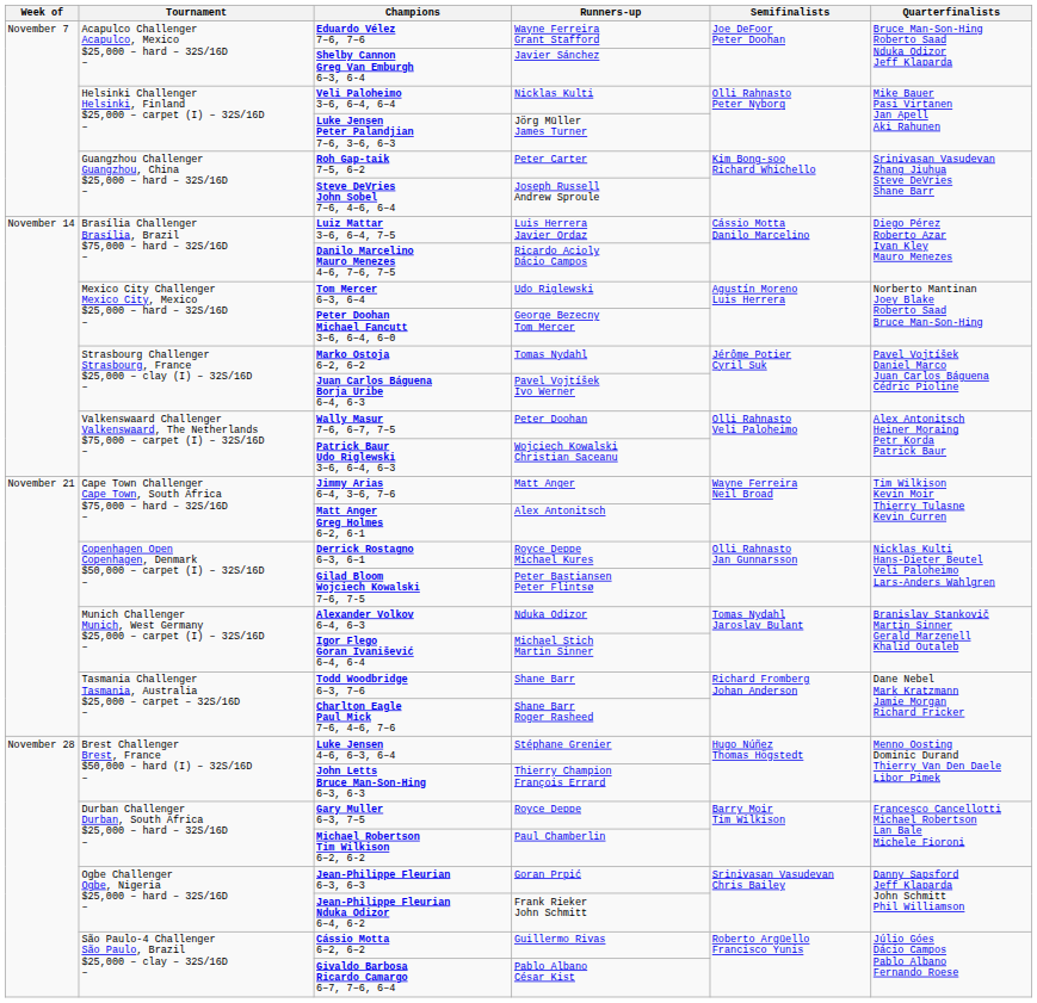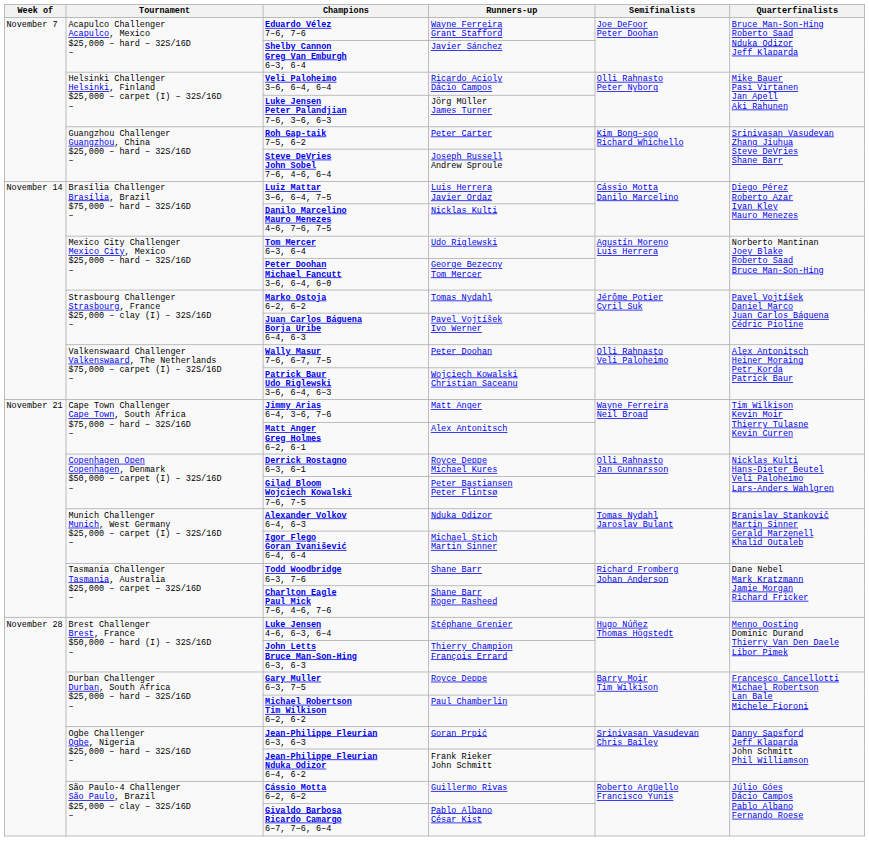 <table class="wikitable" style="font-size:85%;">
 <tr>
 <th width="75">Week of</th>
 <th width="250">Tournament</th>
 <th width="210">Champions</th>
 <th width="210">Runners-up</th>
 <th width="170">Semifinalists</th>
 <th width="170">Quarterfinalists</th>
 </tr>
 <tr valign="top">
 <td rowspan="6">November 7</td>
 <td rowspan="2">Acapulco Challenger<br> <a href='#'>Acapulco</a>, Mexico<br>$25,000 – hard – 32S/16D<br>  – </td>
 <td> <strong><a href='#'>Eduardo Vélez</a></strong> <br>7–6, 7–6</td>
 <td> <a href='#'>Wayne Ferreira</a> <br>  <a href='#'>Grant Stafford</a></td>
 <td rowspan="2"> <a href='#'>Joe DeFoor</a> <br>  <a href='#'>Peter Doohan</a></td>
 <td rowspan="2"> <a href='#'>Bruce Man-Son-Hing</a> <br> <a href='#'>Roberto Saad</a> <br> <a href='#'>Nduka Odizor</a> <br>  <a href='#'>Jeff Klaparda</a></td>
 </tr>
 <tr valign="top">
 <td> <strong><a href='#'>Shelby Cannon</a></strong> <br> <strong><a href='#'>Greg Van Emburgh</a></strong><br> 6–3, 6-4</td>
 <td> <a href='#'>Javier Sánchez</a></td>
 </tr>
 <tr valign="top">
 <td rowspan="2">Helsinki Challenger<br> <a href='#'>Helsinki</a>, Finland<br>$25,000 – carpet (I) – 32S/16D<br>  – </td>
 <td> <strong><a href='#'>Veli Paloheimo</a></strong> <br>3–6, 6–4, 6–4</td>
-<td> <a href='#'>Nicklas Kulti</a></td>
+<td> <a href='#'>Ricardo Acioly</a> <br>  <a href='#'>Dácio Campos</a></td>
 <td rowspan="2"> <a href='#'>Olli Rahnasto</a> <br>  <a href='#'>Peter Nyborg</a></td>
 <td rowspan="2"> <a href='#'>Mike Bauer</a> <br>  <a href='#'>Pasi Virtanen</a> <br> <a href='#'>Jan Apell</a> <br>  <a href='#'>Aki Rahunen</a></td>
 </tr>
 <tr valign="top">
 <td> <strong><a href='#'>Luke Jensen</a></strong> <br> <strong><a href='#'>Peter Palandjian</a></strong><br> 7–6, 3–6, 6–3</td>
 <td> Jörg Müller <br>  <a href='#'>James Turner</a></td>
 </tr>
 <tr valign="top">
 <td rowspan="2">Guangzhou Challenger<br> <a href='#'>Guangzhou</a>, China<br>$25,000 – hard – 32S/16D<br>  – </td>
 <td> <strong><a href='#'>Roh Gap-taik</a></strong> <br>7–5, 6–2</td>
 <td> <a href='#'>Peter Carter</a></td>
 <td rowspan="2"> <a href='#'>Kim Bong-soo</a> <br>  <a href='#'>Richard Whichello</a></td>
 <td rowspan="2"> <a href='#'>Srinivasan Vasudevan</a> <br>  <a href='#'>Zhang Jiuhua</a> <br> <a href='#'>Steve DeVries</a> <br>  <a href='#'>Shane Barr</a></td>
 </tr>
 <tr valign="top">
 <td> <strong><a href='#'>Steve DeVries</a></strong> <br> <strong><a href='#'>John Sobel</a></strong><br> 7–6, 4–6, 6–4</td>
 <td> <a href='#'>Joseph Russell</a> <br>  Andrew Sproule</td>
 </tr>
 <tr valign="top">
 <td rowspan="8">November 14</td>
 <td rowspan="2">Brasília Challenger<br> <a href='#'>Brasília</a>, Brazil<br>$75,000 – hard – 32S/16D<br>  – </td>
 <td> <strong><a href='#'>Luiz Mattar</a></strong> <br>3–6, 6–4, 7–5</td>
 <td> <a href='#'>Luis Herrera</a> <br> <a href='#'>Javier Ordaz</a></td>
 <td rowspan="2"> <a href='#'>Cássio Motta</a> <br>  <a href='#'>Danilo Marcelino</a></td>
 <td rowspan="2"> <a href='#'>Diego Pérez</a> <br> <a href='#'>Roberto Azar</a> <br> <a href='#'>Ivan Kley</a> <br>  <a href='#'>Mauro Menezes</a></td>
 </tr>
 <tr valign="top">
 <td> <strong><a href='#'>Danilo Marcelino</a></strong> <br> <strong><a href='#'>Mauro Menezes</a></strong><br> 4–6, 7–6, 7–5</td>
-<td> <a href='#'>Ricardo Acioly</a> <br>  <a href='#'>Dácio Campos</a></td>
+<td> <a href='#'>Nicklas Kulti</a></td>
 </tr>
 <tr valign="top">
 <td rowspan="2">Mexico City Challenger<br> <a href='#'>Mexico City</a>, Mexico<br>$25,000 – hard – 32S/16D<br>  – </td>
 <td> <strong><a href='#'>Tom Mercer</a></strong> <br>6–3, 6–4</td>
 <td> <a href='#'>Udo Riglewski</a></td>
 <td rowspan="2"> <a href='#'>Agustín Moreno</a> <br>  <a href='#'>Luis Herrera</a></td>
 <td rowspan="2"> Norberto Mantinan <br> <a href='#'>Joey Blake</a> <br> <a href='#'>Roberto Saad</a> <br>  <a href='#'>Bruce Man-Son-Hing</a></td>
 </tr>
 <tr valign="top">
 <td> <strong><a href='#'>Peter Doohan</a></strong> <br> <strong><a href='#'>Michael Fancutt</a></strong><br> 3–6, 6–4, 6–0</td>
 <td> <a href='#'>George Bezecny</a> <br>  <a href='#'>Tom Mercer</a></td>
 </tr>
 <tr valign="top">
 <td rowspan="2">Strasbourg Challenger<br> <a href='#'>Strasbourg</a>, France<br>$25,000 – clay (I) – 32S/16D<br>  – </td>
 <td> <strong><a href='#'>Marko Ostoja</a></strong> <br>6–2, 6–2</td>
 <td> <a href='#'>Tomas Nydahl</a></td>
 <td rowspan="2"> <a href='#'>Jérôme Potier</a> <br>  <a href='#'>Cyril Suk</a></td>
 <td rowspan="2"> <a href='#'>Pavel Vojtíšek</a> <br> <a href='#'>Daniel Marco</a> <br> <a href='#'>Juan Carlos Báguena</a> <br>  <a href='#'>Cédric Pioline</a></td>
 </tr>
 <tr valign="top">
 <td> <strong><a href='#'>Juan Carlos Báguena</a></strong> <br> <strong><a href='#'>Borja Uribe</a></strong><br> 6–4, 6-3</td>
 <td> <a href='#'>Pavel Vojtíšek</a> <br>  <a href='#'>Ivo Werner</a></td>
 </tr>
 <tr valign="top">
 <td rowspan="2">Valkenswaard Challenger<br> <a href='#'>Valkenswaard</a>, The Netherlands<br>$75,000 – carpet (I) – 32S/16D<br>  – </td>
 <td> <strong><a href='#'>Wally Masur</a></strong> <br>7–6, 6–7, 7–5</td>
 <td> <a href='#'>Peter Doohan</a></td>
 <td rowspan="2"> <a href='#'>Olli Rahnasto</a> <br>  <a href='#'>Veli Paloheimo</a></td>
 <td rowspan="2"> <a href='#'>Alex Antonitsch</a> <br> <a href='#'>Heiner Moraing</a> <br> <a href='#'>Petr Korda</a> <br>  <a href='#'>Patrick Baur</a></td>
 </tr>
 <tr valign="top">
 <td> <strong><a href='#'>Patrick Baur</a></strong> <br> <strong><a href='#'>Udo Riglewski</a></strong><br> 3–6, 6–4, 6–3</td>
 <td> <a href='#'>Wojciech Kowalski</a> <br>  <a href='#'>Christian Saceanu</a></td>
 </tr>
 <tr valign="top">
 <td rowspan="8">November 21</td>
 <td rowspan="2">Cape Town Challenger<br> <a href='#'>Cape Town</a>, South Africa<br>$75,000 – hard – 32S/16D<br>  – </td>
 <td> <strong><a href='#'>Jimmy Arias</a></strong> <br>6–4, 3–6, 7–6</td>
 <td> <a href='#'>Matt Anger</a></td>
 <td rowspan="2"> <a href='#'>Wayne Ferreira</a> <br>  <a href='#'>Neil Broad</a></td>
 <td rowspan="2"> <a href='#'>Tim Wilkison</a> <br> <a href='#'>Kevin Moir</a> <br> <a href='#'>Thierry Tulasne</a> <br>  <a href='#'>Kevin Curren</a></td>
 </tr>
 <tr valign="top">
 <td> <strong><a href='#'>Matt Anger</a></strong> <br> <strong><a href='#'>Greg Holmes</a></strong><br> 6–2, 6-1</td>
 <td> <a href='#'>Alex Antonitsch</a></td>
 </tr>
 <tr valign="top">
 <td rowspan="2"><a href='#'>Copenhagen Open</a><br> <a href='#'>Copenhagen</a>, Denmark<br>$50,000 – carpet (I) – 32S/16D<br>  – </td>
 <td> <strong><a href='#'>Derrick Rostagno</a></strong> <br>6–3, 6–1</td>
 <td> <a href='#'>Royce Deppe</a> <br>  <a href='#'>Michael Kures</a></td>
 <td rowspan="2"> <a href='#'>Olli Rahnasto</a> <br>  <a href='#'>Jan Gunnarsson</a></td>
 <td rowspan="2"> <a href='#'>Nicklas Kulti</a> <br> <a href='#'>Hans-Dieter Beutel</a> <br> <a href='#'>Veli Paloheimo</a> <br>  <a href='#'>Lars-Anders Wahlgren</a></td>
 </tr>
 <tr valign="top">
 <td> <strong><a href='#'>Gilad Bloom</a></strong> <br> <strong><a href='#'>Wojciech Kowalski</a></strong><br> 7–6, 7-5</td>
 <td> <a href='#'>Peter Bastiansen</a> <br>  <a href='#'>Peter Flintsø</a></td>
 </tr>
 <tr valign="top">
 <td rowspan="2">Munich Challenger<br> <a href='#'>Munich</a>, West Germany<br>$25,000 – carpet (I) – 32S/16D<br>  – </td>
 <td> <strong><a href='#'>Alexander Volkov</a></strong> <br>6–4, 6–3</td>
 <td> <a href='#'>Nduka Odizor</a></td>
 <td rowspan="2"> <a href='#'>Tomas Nydahl</a> <br>  <a href='#'>Jaroslav Bulant</a></td>
 <td rowspan="2"> <a href='#'>Branislav Stankovič</a> <br> <a href='#'>Martin Sinner</a> <br> <a href='#'>Gerald Marzenell</a> <br>  <a href='#'>Khalid Outaleb</a></td>
 </tr>
 <tr valign="top">
 <td> <strong><a href='#'>Igor Flego</a></strong> <br> <strong><a href='#'>Goran Ivanišević</a></strong><br> 6–4, 6-4</td>
 <td> <a href='#'>Michael Stich</a> <br>  <a href='#'>Martin Sinner</a></td>
 </tr>
 <tr valign="top">
 <td rowspan="2">Tasmania Challenger<br> <a href='#'>Tasmania</a>, Australia<br>$25,000 – carpet – 32S/16D<br>  – </td>
 <td> <strong><a href='#'>Todd Woodbridge</a></strong> <br>6–3, 7–6</td>
 <td> <a href='#'>Shane Barr</a></td>
 <td rowspan="2"> <a href='#'>Richard Fromberg</a> <br>  <a href='#'>Johan Anderson</a></td>
 <td rowspan="2"> Dane Nebel <br> <a href='#'>Mark Kratzmann</a> <br> <a href='#'>Jamie Morgan</a> <br>  <a href='#'>Richard Fricker</a></td>
 </tr>
 <tr valign="top">
 <td> <strong><a href='#'>Charlton Eagle</a></strong> <br> <strong><a href='#'>Paul Mick</a></strong><br> 7–6, 4–6, 7–6</td>
 <td> <a href='#'>Shane Barr</a> <br>  <a href='#'>Roger Rasheed</a></td>
 </tr>
 <tr valign="top">
 <td rowspan="8">November 28</td>
 <td rowspan="2">Brest Challenger<br> <a href='#'>Brest</a>, France<br>$50,000 – hard (I) – 32S/16D<br>  – </td>
 <td> <strong><a href='#'>Luke Jensen</a></strong> <br>4–6, 6–3, 6–4</td>
 <td> <a href='#'>Stéphane Grenier</a></td>
 <td rowspan="2"> <a href='#'>Hugo Núñez</a> <br>  <a href='#'>Thomas Högstedt</a></td>
 <td rowspan="2"> <a href='#'>Menno Oosting</a> <br> Dominic Durand <br> <a href='#'>Thierry Van Den Daele</a> <br>  <a href='#'>Libor Pimek</a></td>
 </tr>
 <tr valign="top">
 <td> <strong><a href='#'>John Letts</a></strong> <br> <strong><a href='#'>Bruce Man-Son-Hing</a></strong><br> 6–3, 6-3</td>
 <td> <a href='#'>Thierry Champion</a> <br>  <a href='#'>François Errard</a></td>
 </tr>
 <tr valign="top">
 <td rowspan="2">Durban Challenger<br> <a href='#'>Durban</a>, South Africa<br>$25,000 – hard – 32S/16D<br>  – </td>
 <td> <strong><a href='#'>Gary Muller</a></strong> <br>6–3, 7–5</td>
 <td> <a href='#'>Royce Deppe</a></td>
 <td rowspan="2"> <a href='#'>Barry Moir</a> <br>  <a href='#'>Tim Wilkison</a></td>
 <td rowspan="2"> <a href='#'>Francesco Cancellotti</a> <br> <a href='#'>Michael Robertson</a> <br> <a href='#'>Lan Bale</a> <br>  <a href='#'>Michele Fioroni</a></td>
 </tr>
 <tr valign="top">
 <td> <strong><a href='#'>Michael Robertson</a></strong> <br> <strong><a href='#'>Tim Wilkison</a></strong><br> 6–2, 6-2</td>
 <td> <a href='#'>Paul Chamberlin</a></td>
 </tr>
 <tr valign="top">
 <td rowspan="2">Ogbe Challenger<br> <a href='#'>Ogbe</a>, Nigeria<br>$25,000 – hard – 32S/16D<br>  – </td>
 <td> <strong><a href='#'>Jean-Philippe Fleurian</a></strong> <br>6–3, 6–3</td>
 <td> <a href='#'>Goran Prpić</a></td>
 <td rowspan="2"> <a href='#'>Srinivasan Vasudevan</a> <br>  <a href='#'>Chris Bailey</a></td>
 <td rowspan="2"> <a href='#'>Danny Sapsford</a> <br> <a href='#'>Jeff Klaparda</a> <br> John Schmitt <br>  <a href='#'>Phil Williamson</a></td>
 </tr>
 <tr valign="top">
 <td> <strong><a href='#'>Jean-Philippe Fleurian</a></strong> <br> <strong><a href='#'>Nduka Odizor</a></strong><br> 6–4, 6-2</td>
 <td> Frank Rieker <br>  John Schmitt</td>
 </tr>
 <tr valign="top">
 <td rowspan="2">São Paulo-4 Challenger<br> <a href='#'>São Paulo</a>, Brazil<br>$25,000 – clay – 32S/16D<br>  – </td>
 <td> <strong><a href='#'>Cássio Motta</a></strong> <br>6–2, 6–2</td>
 <td> <a href='#'>Guillermo Rivas</a></td>
 <td rowspan="2"> <a href='#'>Roberto Argüello</a> <br>  <a href='#'>Francisco Yunis</a></td>
 <td rowspan="2"> <a href='#'>Júlio Góes</a> <br> <a href='#'>Dácio Campos</a> <br> <a href='#'>Pablo Albano</a> <br>  <a href='#'>Fernando Roese</a></td>
 </tr>
 <tr valign="top">
 <td> <strong><a href='#'>Givaldo Barbosa</a></strong> <br> <strong><a href='#'>Ricardo Camargo</a></strong><br> 6–7, 7–6, 6–4</td>
 <td> <a href='#'>Pablo Albano</a> <br>  <a href='#'>César Kist</a></td>
 </tr>
 </table>
